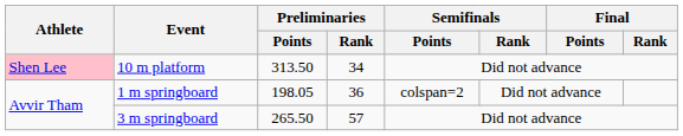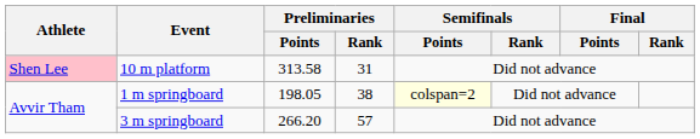 <table class="wikitable" style="text-align:center; font-size:90%; width:50%;">
 <tr>
 <th rowspan=2>Athlete</th>
 <th rowspan=2>Event</th>
 <th colspan=2>Preliminaries</th>
 <th colspan=2>Semifinals</th>
 <th colspan=2>Final</th>
 </tr>
 <tr style="font-size:95%">
 <th>Points</th>
 <th>Rank</th>
 <th>Points</th>
 <th>Rank</th>
 <th>Points</th>
 <th>Rank</th>
 </tr>
 <tr>
 <td align=left style="background: pink;"><a href='#'>Shen Lee</a></td>
 <td align=left><a href='#'>10 m platform</a></td>
-<td>313.50</td>
-<td>34</td>
+<td>313.58</td>
+<td>31</td>
 <td colspan=4>Did not advance</td>
 </tr>
 <tr>
 <td align=left rowspan=2><a href='#'>Avvir Tham</a></td>
 <td align=left><a href='#'>1 m springboard</a></td>
 <td>198.05</td>
-<td>36</td>
-<td>colspan=2 </td>
+<td>38</td>
+<td style="background: lightyellow;">colspan=2 </td>
 <td colspan=2>Did not advance</td>
 </tr>
 <tr>
 <td align=left><a href='#'>3 m springboard</a></td>
-<td>265.50</td>
+<td>266.20</td>
 <td>57</td>
 <td colspan=4>Did not advance</td>
 </tr>
 </table>
